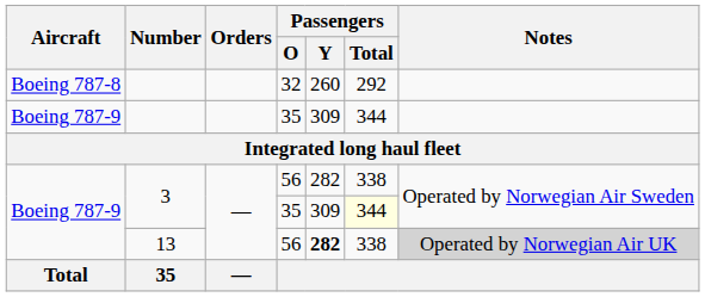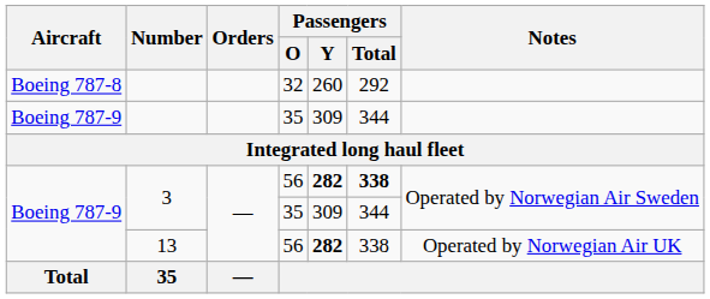 <table class="wikitable" style="margin:auto;border-collapse:collapse;text-align:center;">
 <tr>
 <th rowspan="2">Aircraft</th>
 <th rowspan="2">Number</th>
 <th rowspan="2">Orders</th>
 <th colspan="3">Passengers</th>
 <th rowspan="2">Notes</th>
 </tr>
 <tr>
 <th><abbr>O</abbr></th>
 <th><abbr>Y</abbr></th>
 <th>Total</th>
 </tr>
 <tr>
 <td><a href='#'>Boeing 787-8</a></td>
 <td></td>
 <td></td>
 <td>32</td>
 <td>260</td>
 <td>292</td>
 <td></td>
 </tr>
 <tr>
 <td><a href='#'>Boeing 787-9</a></td>
 <td></td>
 <td></td>
 <td>35</td>
 <td>309</td>
 <td>344</td>
 <td></td>
 </tr>
 <tr>
 <th colspan=7>Integrated long haul fleet</th>
 </tr>
 <tr>
 <td rowspan=3><a href='#'>Boeing 787-9</a></td>
 <td rowspan=2>3</td>
 <td rowspan=3>—</td>
 <td>56</td>
-<td>282</td>
-<td>338</td>
+<td><strong>282</strong></td>
+<td><strong>338</strong></td>
 <td rowspan=2>Operated by <a href='#'>Norwegian Air Sweden</a></td>
 </tr>
 <tr>
 <td>35</td>
 <td>309</td>
-<td style="background: lightyellow;">344</td>
+<td>344</td>
 </tr>
 <tr>
 <td>13</td>
 <td>56</td>
 <td><strong>282</strong></td>
 <td>338</td>
-<td style="background: lightgrey;">Operated by <a href='#'>Norwegian Air UK</a></td>
+<td>Operated by <a href='#'>Norwegian Air UK</a></td>
 </tr>
 <tr>
 <th>Total</th>
 <th>35</th>
 <th>—</th>
 <th colspan="4"></th>
 </tr>
 </table>
